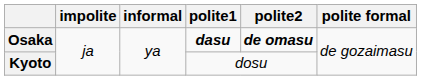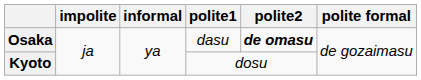 <table class="wikitable" style="text-align:center">
 <tr>
 <th></th>
 <th>impolite</th>
 <th>informal</th>
 <th>polite1</th>
 <th>polite2</th>
 <th>polite formal</th>
 </tr>
 <tr>
 <th>Osaka</th>
 <td rowspan=2><em>ja</em></td>
 <td rowspan=2><em>ya</em></td>
-<td><strong><em>dasu</em></strong></td>
+<td><em>dasu</em></td>
 <td><strong><em>de omasu</em></strong></td>
 <td rowspan=2><em>de gozaimasu</em></td>
 </tr>
 <tr>
 <th>Kyoto</th>
 <td colspan=2><em>dosu</em></td>
 </tr>
 </table>
